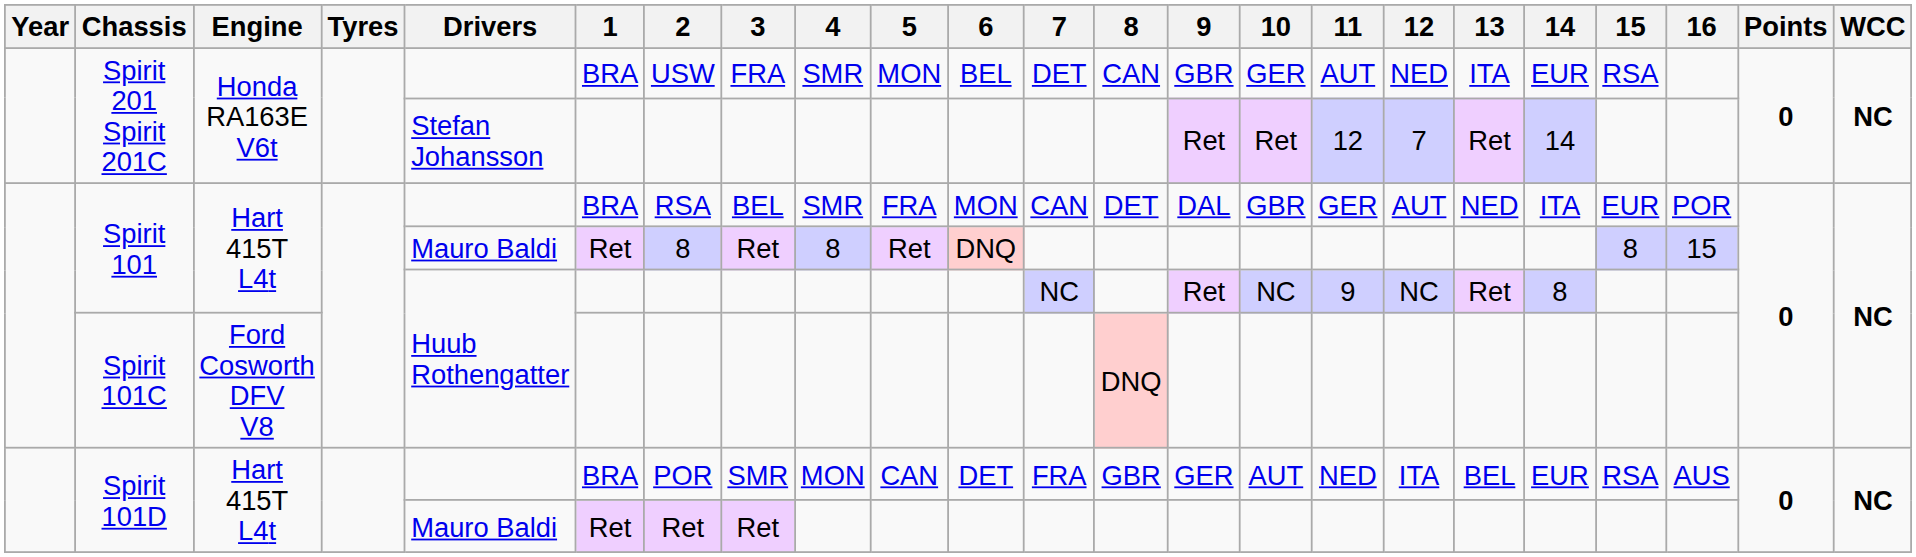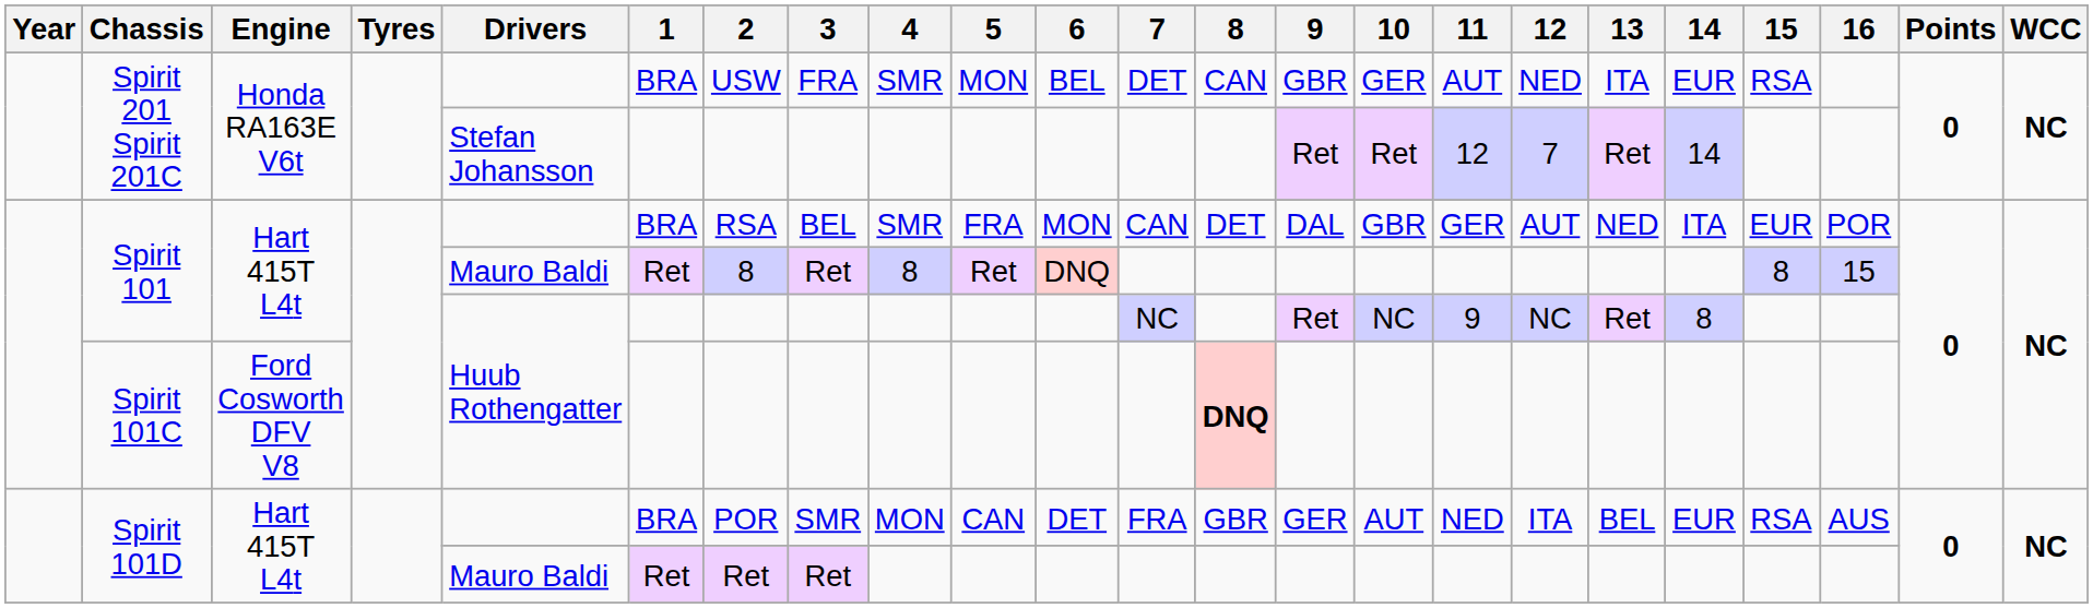 <table class="wikitable" style="text-align:center; font-size:95%">
 <tr>
 <th>Year</th>
 <th>Chassis</th>
 <th>Engine</th>
 <th>Tyres</th>
 <th>Drivers</th>
 <th>1</th>
 <th>2</th>
 <th>3</th>
 <th>4</th>
 <th>5</th>
 <th>6</th>
 <th>7</th>
 <th>8</th>
 <th>9</th>
 <th>10</th>
 <th>11</th>
 <th>12</th>
 <th>13</th>
 <th>14</th>
 <th>15</th>
 <th>16</th>
 <th>Points</th>
 <th>WCC</th>
 </tr>
 <tr>
 <td rowspan=2></td>
 <td rowspan=2><a href='#'>Spirit 201</a><br><a href='#'>Spirit 201C</a></td>
 <td rowspan=2><a href='#'>Honda</a> RA163E<br><a href='#'>V6</a><a href='#'>t</a></td>
 <td rowspan=2></td>
 <td></td>
 <td><a href='#'>BRA</a></td>
 <td><a href='#'>USW</a></td>
 <td><a href='#'>FRA</a></td>
 <td><a href='#'>SMR</a></td>
 <td><a href='#'>MON</a></td>
 <td><a href='#'>BEL</a></td>
 <td><a href='#'>DET</a></td>
 <td><a href='#'>CAN</a></td>
 <td><a href='#'>GBR</a></td>
 <td><a href='#'>GER</a></td>
 <td><a href='#'>AUT</a></td>
 <td><a href='#'>NED</a></td>
 <td><a href='#'>ITA</a></td>
 <td><a href='#'>EUR</a></td>
 <td><a href='#'>RSA</a></td>
 <td></td>
 <td rowspan="2"><strong>0</strong></td>
 <td rowspan="2"><strong>NC</strong></td>
 </tr>
 <tr>
 <td align="left"><a href='#'>Stefan Johansson</a></td>
 <td></td>
 <td></td>
 <td></td>
 <td></td>
 <td></td>
 <td></td>
 <td></td>
 <td></td>
 <td style="background:#efcfff;">Ret</td>
 <td style="background:#efcfff;">Ret</td>
 <td style="background:#cfcfff;">12</td>
 <td style="background:#cfcfff;">7</td>
 <td style="background:#efcfff;">Ret</td>
 <td style="background:#cfcfff;">14</td>
 <td></td>
 <td></td>
 </tr>
 <tr>
 <td rowspan=4></td>
 <td rowspan=3><a href='#'>Spirit 101</a></td>
 <td rowspan=3><a href='#'>Hart</a> 415T<br><a href='#'>L4</a><a href='#'>t</a></td>
 <td rowspan=4></td>
 <td></td>
 <td><a href='#'>BRA</a></td>
 <td><a href='#'>RSA</a></td>
 <td><a href='#'>BEL</a></td>
 <td><a href='#'>SMR</a></td>
 <td><a href='#'>FRA</a></td>
 <td><a href='#'>MON</a></td>
 <td><a href='#'>CAN</a></td>
 <td><a href='#'>DET</a></td>
 <td><a href='#'>DAL</a></td>
 <td><a href='#'>GBR</a></td>
 <td><a href='#'>GER</a></td>
 <td><a href='#'>AUT</a></td>
 <td><a href='#'>NED</a></td>
 <td><a href='#'>ITA</a></td>
 <td><a href='#'>EUR</a></td>
 <td><a href='#'>POR</a></td>
 <td rowspan="4"><strong>0</strong></td>
 <td rowspan="4"><strong>NC</strong></td>
 </tr>
 <tr>
 <td align="left"><a href='#'>Mauro Baldi</a></td>
 <td style="background:#efcfff;">Ret</td>
 <td style="background:#cfcfff;">8</td>
 <td style="background:#efcfff;">Ret</td>
 <td style="background:#cfcfff;">8</td>
 <td style="background:#efcfff;">Ret</td>
 <td style="background:#ffcfcf;">DNQ</td>
 <td></td>
 <td></td>
 <td></td>
 <td></td>
 <td></td>
 <td></td>
 <td></td>
 <td></td>
 <td style="background:#cfcfff;">8</td>
 <td style="background:#cfcfff;">15</td>
 </tr>
 <tr>
 <td rowspan="2" align="left"><a href='#'>Huub Rothengatter</a></td>
 <td></td>
 <td></td>
 <td></td>
 <td></td>
 <td></td>
 <td></td>
 <td style="background:#cfcfff;">NC</td>
 <td></td>
 <td style="background:#efcfff;">Ret</td>
 <td style="background:#cfcfff;">NC</td>
 <td style="background:#cfcfff;">9</td>
 <td style="background:#cfcfff;">NC</td>
 <td style="background:#efcfff;">Ret</td>
 <td style="background:#cfcfff;">8</td>
 <td></td>
 <td></td>
 </tr>
 <tr>
 <td><a href='#'>Spirit 101C</a></td>
 <td><a href='#'>Ford</a> <a href='#'>Cosworth DFV</a><br><a href='#'>V8</a></td>
 <td></td>
 <td></td>
 <td></td>
 <td></td>
 <td></td>
 <td></td>
 <td></td>
-<td style="background:#ffcfcf;">DNQ</td>
+<td style="background:#ffcfcf;"><strong>DNQ</strong></td>
 <td></td>
 <td></td>
 <td></td>
 <td></td>
 <td></td>
 <td></td>
 <td></td>
 <td></td>
 </tr>
 <tr>
 <td rowspan=2></td>
 <td rowspan=2><a href='#'>Spirit 101D</a></td>
 <td rowspan=2><a href='#'>Hart</a> 415T<br><a href='#'>L4</a><a href='#'>t</a></td>
 <td rowspan=2></td>
 <td></td>
 <td><a href='#'>BRA</a></td>
 <td><a href='#'>POR</a></td>
 <td><a href='#'>SMR</a></td>
 <td><a href='#'>MON</a></td>
 <td><a href='#'>CAN</a></td>
 <td><a href='#'>DET</a></td>
 <td><a href='#'>FRA</a></td>
 <td><a href='#'>GBR</a></td>
 <td><a href='#'>GER</a></td>
 <td><a href='#'>AUT</a></td>
 <td><a href='#'>NED</a></td>
 <td><a href='#'>ITA</a></td>
 <td><a href='#'>BEL</a></td>
 <td><a href='#'>EUR</a></td>
 <td><a href='#'>RSA</a></td>
 <td><a href='#'>AUS</a></td>
 <td rowspan="2"><strong>0</strong></td>
 <td rowspan="2"><strong>NC</strong></td>
 </tr>
 <tr>
 <td align="left"><a href='#'>Mauro Baldi</a></td>
 <td style="background:#efcfff;">Ret</td>
 <td style="background:#efcfff;">Ret</td>
 <td style="background:#efcfff;">Ret</td>
 <td></td>
 <td></td>
 <td></td>
 <td></td>
 <td></td>
 <td></td>
 <td></td>
 <td></td>
 <td></td>
 <td></td>
 <td></td>
 <td></td>
 <td></td>
 </tr>
 </table>
